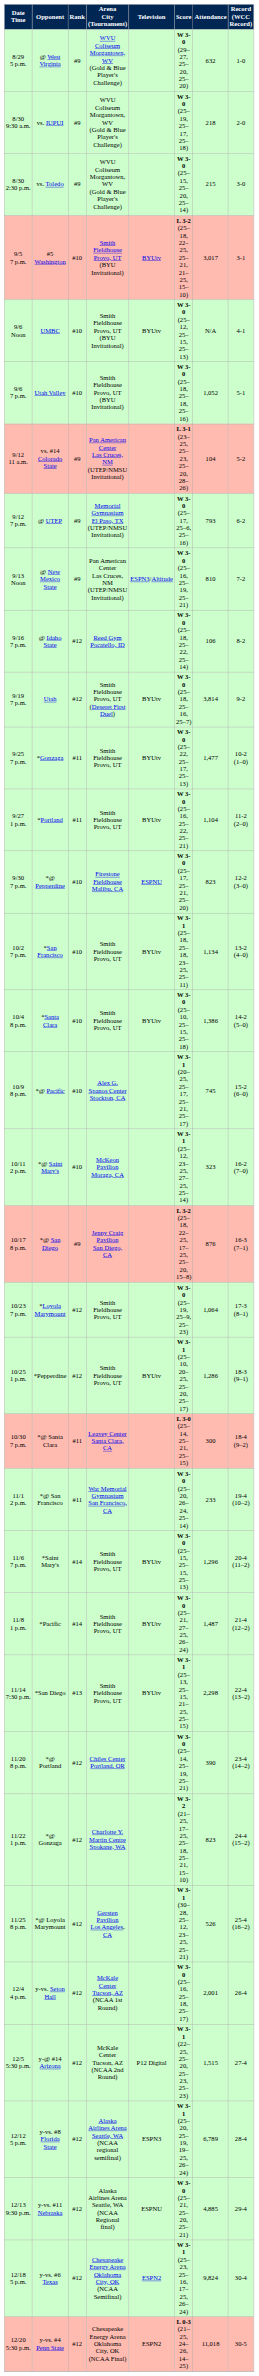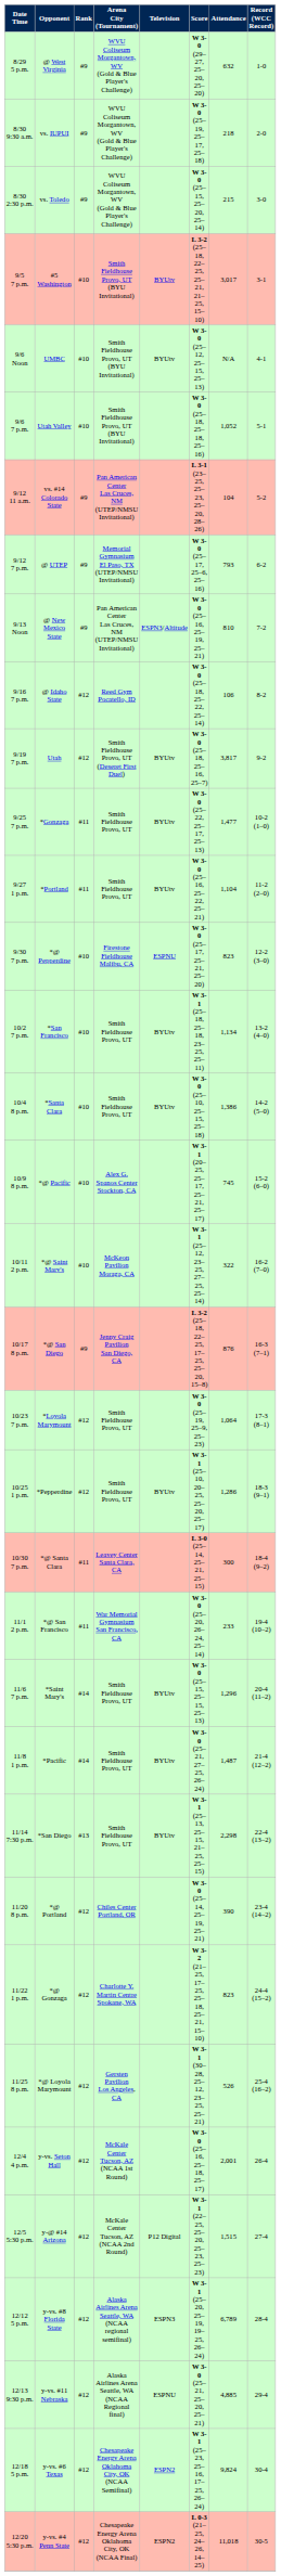 <table class="wikitable sortable" style="width:90%">
 <tr>
 <th style="background:#002654; color:#FFFFFF;" scope="col">Date<br>Time</th>
 <th style="background:#002654; color:#FFFFFF;" scope="col">Opponent</th>
 <th style="background:#002654; color:#FFFFFF;" scope="col">Rank</th>
 <th style="background:#002654; color:#FFFFFF;" scope="col">Arena<br>City<br>(Tournament)</th>
 <th style="background:#002654; color:#FFFFFF;" scope="col">Television</th>
 <th style="background:#002654; color:#FFFFFF;" scope="col">Score</th>
 <th style="background:#002654; color:#FFFFFF;" scope="col">Attendance</th>
 <th style="background:#002654; color:#FFFFFF;" scope="col">Record<br>(WCC Record)</th>
 </tr>
 <tr align="center" bgcolor="#ccffcc">
 <td>8/29<br>5 p.m.</td>
 <td>@ <a href='#'>West Virginia</a></td>
 <td>#9</td>
 <td><a href='#'>WVU Coliseum</a><br><a href='#'>Morgantown, WV</a><br>(Gold & Blue Player's Challenge)</td>
 <td></td>
 <td><strong>W 3-0</strong> <br>(29–27, 25–20, 25–20)</td>
 <td>632</td>
 <td>1-0</td>
 </tr>
 <tr align="center" bgcolor="#ccffcc">
 <td>8/30<br>9:30 a.m.</td>
 <td>vs. <a href='#'>IUPUI</a></td>
 <td>#9</td>
 <td>WVU Coliseum<br>Morgantown, WV<br>(Gold & Blue Player's Challenge)</td>
 <td></td>
 <td><strong>W 3-0</strong> <br>(25–19, 25–17, 25–18)</td>
 <td>218</td>
 <td>2-0</td>
 </tr>
 <tr align="center" bgcolor="#ccffcc">
 <td>8/30<br>2:30 p.m.</td>
 <td>vs. <a href='#'>Toledo</a></td>
 <td>#9</td>
 <td>WVU Coliseum<br>Morgantown, WV<br>(Gold & Blue Player's Challenge)</td>
 <td></td>
 <td><strong>W 3-0</strong> <br>(25–15, 25–20, 25–14)</td>
 <td>215</td>
 <td>3-0</td>
 </tr>
 <tr align="center" bgcolor="#ffbbb">
 <td>9/5<br>7 p.m.</td>
 <td>#5 <a href='#'>Washington</a></td>
 <td>#10</td>
 <td><a href='#'>Smith Fieldhouse</a><br><a href='#'>Provo, UT</a><br>(BYU Invitational)</td>
 <td><a href='#'>BYUtv</a></td>
 <td><strong>L 3-2</strong><br>(25–18, 22–25, 25–21, 21–25, 15–10)</td>
 <td>3,017</td>
 <td>3-1</td>
 </tr>
 <tr align="center" bgcolor="#ccffcc">
 <td>9/6<br>Noon</td>
 <td><a href='#'>UMBC</a></td>
 <td>#10</td>
 <td>Smith Fieldhouse<br>Provo, UT<br>(BYU Invitational)</td>
 <td>BYUtv</td>
 <td><strong>W 3-0</strong><br>(25–12, 25–15, 25–13)</td>
 <td>N/A</td>
 <td>4-1</td>
 </tr>
 <tr align="center" bgcolor="#ccffcc">
 <td>9/6<br>7 p.m.</td>
 <td><a href='#'>Utah Valley</a></td>
 <td>#10</td>
 <td>Smith Fieldhouse<br>Provo, UT<br>(BYU Invitational)</td>
 <td></td>
 <td><strong>W 3-0</strong><br>(25–18, 25–18, 25–16)</td>
 <td>1,052</td>
 <td>5-1</td>
 </tr>
 <tr align="center" bgcolor="#ffbbb">
 <td>9/12<br>11 a.m.</td>
 <td>vs. #14 <a href='#'>Colorado State</a></td>
 <td>#9</td>
 <td><a href='#'>Pan American Center</a><br><a href='#'>Las Cruces, NM</a><br>(UTEP/NMSU Invitational)</td>
 <td></td>
 <td><strong>L 3-1</strong><br>(23–25, 25–23, 25–20, 28–26)</td>
 <td>104</td>
 <td>5-2</td>
 </tr>
 <tr align="center" bgcolor="#ccffcc">
 <td>9/12<br>7 p.m.</td>
 <td>@ <a href='#'>UTEP</a></td>
 <td>#9</td>
 <td><a href='#'>Memorial Gymnasium</a><br><a href='#'>El Paso, TX</a><br>(UTEP/NMSU Invitational)</td>
 <td></td>
 <td><strong>W 3-0</strong><br>(25–17, 25–6, 25–16)</td>
 <td>793</td>
 <td>6-2</td>
 </tr>
 <tr align="center" bgcolor="#ccffcc">
 <td>9/13<br>Noon</td>
 <td>@ <a href='#'>New Mexico State</a></td>
 <td>#9</td>
 <td>Pan American Center<br>Las Cruces, NM<br>(UTEP/NMSU Invitational)</td>
 <td><a href='#'>ESPN3</a>/<a href='#'>Altitude</a></td>
 <td><strong>W 3-0</strong><br>(25–16, 25–19, 25–21)</td>
 <td>810</td>
 <td>7-2</td>
 </tr>
 <tr align="center" bgcolor="#ccffcc">
 <td>9/16<br>7 p.m.</td>
 <td>@ <a href='#'>Idaho State</a></td>
 <td>#12</td>
 <td><a href='#'>Reed Gym</a><br><a href='#'>Pocatello, ID</a></td>
 <td></td>
 <td><strong>W 3-0</strong><br>(25–18, 25–22, 25–14)</td>
 <td>106</td>
 <td>8-2</td>
 </tr>
 <tr align="center" bgcolor="#ccffcc">
 <td>9/19<br>7 p.m.</td>
 <td><a href='#'>Utah</a></td>
 <td>#12</td>
 <td>Smith Fieldhouse<br>Provo, UT<br>(<a href='#'>Deseret First Duel</a>)</td>
 <td>BYUtv</td>
 <td><strong>W 3-0</strong><br>(25–18, 25–16, 25–7)</td>
-<td>3,814</td>
+<td>3,817</td>
 <td>9-2</td>
 </tr>
 <tr align="center" bgcolor="#ccffcc">
 <td>9/25<br>7 p.m.</td>
 <td>*<a href='#'>Gonzaga</a></td>
 <td>#11</td>
 <td>Smith Fieldhouse<br>Provo, UT</td>
 <td>BYUtv</td>
 <td><strong>W 3-0</strong><br>(25–22, 25–17, 25–13)</td>
 <td>1,477</td>
 <td>10-2 <br>(1–0)</td>
 </tr>
 <tr align="center" bgcolor="#ccffcc">
 <td>9/27<br>1 p.m.</td>
 <td>*<a href='#'>Portland</a></td>
 <td>#11</td>
 <td>Smith Fieldhouse<br>Provo, UT</td>
 <td>BYUtv</td>
 <td><strong>W 3-0</strong><br>(25–16, 25–22, 25–21)</td>
 <td>1,104</td>
 <td>11-2 <br>(2–0)</td>
 </tr>
 <tr align="center" bgcolor="#ccffcc">
 <td>9/30<br>7 p.m.</td>
 <td>*@ <a href='#'>Pepperdine</a></td>
 <td>#10</td>
 <td><a href='#'>Firestone Fieldhouse</a><br><a href='#'>Malibu, CA</a></td>
 <td><a href='#'>ESPNU</a></td>
 <td><strong>W 3-0</strong><br>(25–17, 25–21, 25–20)</td>
 <td>823</td>
 <td>12-2 <br>(3–0)</td>
 </tr>
 <tr align="center" bgcolor="#ccffcc">
 <td>10/2<br>7 p.m.</td>
 <td>*<a href='#'>San Francisco</a></td>
 <td>#10</td>
 <td>Smith Fieldhouse<br>Provo, UT</td>
 <td>BYUtv</td>
 <td><strong>W 3-1</strong><br>(25–18, 25–18, 23–25, 25–11)</td>
 <td>1,134</td>
 <td>13-2 <br>(4–0)</td>
 </tr>
 <tr align="center" bgcolor="#ccffcc">
 <td>10/4<br>8 p.m.</td>
 <td>*<a href='#'>Santa Clara</a></td>
 <td>#10</td>
 <td>Smith Fieldhouse<br>Provo, UT</td>
 <td>BYUtv</td>
 <td><strong>W 3-0</strong><br>(25–10, 25–15, 25–18)</td>
 <td>1,386</td>
 <td>14-2 <br>(5–0)</td>
 </tr>
 <tr align="center" bgcolor="#ccffcc">
 <td>10/9<br>8 p.m.</td>
 <td>*@ <a href='#'>Pacific</a></td>
 <td>#10</td>
 <td><a href='#'>Alex G. Spanos Center</a><br><a href='#'>Stockton, CA</a></td>
 <td></td>
 <td><strong>W 3-1</strong><br>(20–25, 25–17, 25–21, 25–17)</td>
 <td>745</td>
 <td>15-2 <br>(6–0)</td>
 </tr>
 <tr align="center" bgcolor="#ccffcc">
 <td>10/11<br>2 p.m.</td>
 <td>*@ <a href='#'>Saint Mary's</a></td>
 <td>#10</td>
 <td><a href='#'>McKeon Pavilion</a><br><a href='#'>Moraga, CA</a></td>
 <td></td>
 <td><strong>W 3-1</strong><br>(25–12, 23–25, 27–25, 25–14)</td>
-<td>323</td>
+<td>322</td>
 <td>16-2 <br>(7–0)</td>
 </tr>
 <tr align="center" bgcolor="#ffbbb">
 <td>10/17<br>8 p.m.</td>
 <td>*@ <a href='#'>San Diego</a></td>
 <td>#9</td>
 <td><a href='#'>Jenny Craig Pavilion</a><br><a href='#'>San Diego, CA</a></td>
 <td></td>
 <td><strong>L 3-2</strong><br>(25–18, 22–25, 17–25, 25–20, 15–8)</td>
 <td>876</td>
 <td>16-3 <br>(7–1)</td>
 </tr>
 <tr align="center" bgcolor="#ccffcc">
 <td>10/23<br>7 p.m.</td>
 <td>*<a href='#'>Loyola Marymount</a></td>
 <td>#12</td>
 <td>Smith Fieldhouse<br>Provo, UT</td>
 <td></td>
 <td><strong>W 3-0</strong><br>(25–19, 25–9, 25–23)</td>
 <td>1,064</td>
 <td>17-3 <br>(8–1)</td>
 </tr>
 <tr align="center" bgcolor="#ccffcc">
 <td>10/25<br>1 p.m.</td>
 <td>*Pepperdine</td>
 <td>#12</td>
 <td>Smith Fieldhouse<br>Provo, UT</td>
 <td>BYUtv</td>
 <td><strong>W 3-1</strong><br> (25–10, 20–25, 25–20, 25–17)</td>
 <td>1,286</td>
 <td>18-3<br>(9–1)</td>
 </tr>
 <tr align="center" bgcolor="#ffbbb">
 <td>10/30<br>7 p.m.</td>
 <td>*@ Santa Clara</td>
 <td>#11</td>
 <td><a href='#'>Leavey Center</a><br><a href='#'>Santa Clara, CA</a></td>
 <td></td>
 <td><strong>L 3-0</strong><br>(25–14, 25–21, 25–15)</td>
 <td>300</td>
 <td>18-4<br>(9–2)</td>
 </tr>
 <tr align="center" bgcolor="#ccffcc">
 <td>11/1<br>2 p.m.</td>
 <td>*@ San Francisco</td>
 <td>#11</td>
 <td><a href='#'>War Memorial Gymnasium</a><br><a href='#'>San Francisco, CA</a></td>
 <td></td>
 <td><strong>W 3-0</strong><br>(25–20, 26–24, 25–14)</td>
 <td>233</td>
 <td>19-4<br>(10–2)</td>
 </tr>
 <tr align="center" bgcolor="#ccffcc">
 <td>11/6<br>7 p.m.</td>
 <td>*Saint Mary's</td>
 <td>#14</td>
 <td>Smith Fieldhouse<br>Provo, UT</td>
 <td>BYUtv</td>
 <td><strong>W 3-0</strong><br>(25–15, 25–15, 25–13)</td>
 <td>1,296</td>
 <td>20-4<br>(11–2)</td>
 </tr>
 <tr align="center" bgcolor="#ccffcc">
 <td>11/8<br>1 p.m.</td>
 <td>*Pacific</td>
 <td>#14</td>
 <td>Smith Fieldhouse<br>Provo, UT</td>
 <td>BYUtv</td>
 <td><strong>W 3-0</strong><br>(25–21, 27–25, 26–24)</td>
 <td>1,487</td>
 <td>21-4<br>(12–2)</td>
 </tr>
 <tr align="center" bgcolor="#ccffcc">
 <td>11/14<br>7:30 p.m.</td>
 <td>*San Diego</td>
 <td>#13</td>
 <td>Smith Fieldhouse<br>Provo, UT</td>
 <td>BYUtv</td>
 <td><strong>W 3-1</strong><br>(25–13, 25–15, 21–25, 25–15)</td>
 <td>2,298</td>
 <td>22-4<br>(13–2)</td>
 </tr>
 <tr align="center" bgcolor="#ccffcc">
 <td>11/20<br>8 p.m.</td>
 <td>*@ Portland</td>
 <td>#12</td>
 <td><a href='#'>Chiles Center</a><br><a href='#'>Portland, OR</a></td>
 <td></td>
 <td><strong>W 3-0</strong><br>(25–14, 25–19, 25–21)</td>
 <td>390</td>
 <td>23-4<br>(14–2)</td>
 </tr>
 <tr align="center" bgcolor="#ccffcc">
 <td>11/22<br>1 p.m.</td>
 <td>*@ Gonzaga</td>
 <td>#12</td>
 <td><a href='#'>Charlotte Y. Martin Centre</a><br><a href='#'>Spokane, WA</a></td>
 <td></td>
 <td><strong>W 3-2</strong><br>(21–25, 17–25, 25–18, 25–21, 15–10)</td>
 <td>823</td>
 <td>24-4<br>(15–2)</td>
 </tr>
 <tr align="center" bgcolor="#ccffcc">
 <td>11/25<br>8 p.m.</td>
 <td>*@ Loyola Marymount</td>
 <td>#12</td>
 <td><a href='#'>Gersten Pavilion</a><br><a href='#'>Los Angeles</a>, <a href='#'>CA</a></td>
 <td></td>
 <td><strong>W 3-1</strong><br>(30–28, 25–12, 23–25, 25–21)</td>
 <td>526</td>
 <td>25-4<br>(16–2)</td>
 </tr>
 <tr align="center" bgcolor="#ccffcc">
 <td>12/4<br>4 p.m.</td>
 <td>y-vs. <a href='#'>Seton Hall</a></td>
 <td>#12</td>
 <td><a href='#'>McKale Center</a><br><a href='#'>Tucson, AZ</a><br>(NCAA 1st Round)</td>
 <td></td>
 <td><strong>W 3-0</strong><br>(25–16, 25–18, 25–17)</td>
 <td>2,001</td>
 <td>26-4</td>
 </tr>
 <tr align="center" bgcolor="#ccffcc">
 <td>12/5<br>5:30 p.m.</td>
 <td>y-@ #14 <a href='#'>Arizona</a></td>
 <td>#12</td>
 <td>McKale Center<br>Tucson, AZ<br>(NCAA 2nd Round)</td>
 <td>P12 Digital</td>
 <td><strong>W 3-1</strong><br>(22–25, 25–20, 25–23, 25–23)</td>
 <td>1,515</td>
 <td>27-4</td>
 </tr>
 <tr align="center" bgcolor="#ccffcc">
 <td>12/12<br>5 p.m.</td>
 <td>y-vs. #8 <a href='#'>Florida State</a></td>
 <td>#12</td>
 <td><a href='#'>Alaska Airlines Arena</a><br><a href='#'>Seattle, WA</a><br>(NCAA regional semifinal)</td>
 <td>ESPN3</td>
 <td><strong>W 3-1</strong><br>(25–20, 25–19, 19–25, 26–24)</td>
 <td>6,789</td>
 <td>28-4</td>
 </tr>
 <tr align="center" bgcolor="#ccffcc">
 <td>12/13<br>9:30 p.m.</td>
 <td>y-vs. #11 <a href='#'>Nebraska</a></td>
 <td>#12</td>
 <td>Alaska Airlines Arena<br>Seattle, WA<br>(NCAA Regional final)</td>
 <td>ESPNU</td>
 <td><strong>W 3-0</strong><br>(25–21, 25–20, 25–21)</td>
 <td>4,885</td>
 <td>29-4</td>
 </tr>
 <tr align="center" bgcolor="#ccffcc">
 <td>12/18<br>5 p.m.</td>
 <td>y-vs. #6 <a href='#'>Texas</a></td>
 <td>#12</td>
 <td><a href='#'>Chesapeake Energy Arena</a><br><a href='#'>Oklahoma City, OK</a><br>(NCAA Semifinal)</td>
 <td><a href='#'>ESPN2</a></td>
 <td><strong>W 3-1</strong><br>(25–23, 25–16, 17–25, 26–24)</td>
 <td>9,824</td>
 <td>30-4</td>
 </tr>
 <tr align="center" bgcolor="#ffbbb">
 <td>12/20<br>5:30 p.m.</td>
 <td>y-vs. #4 <a href='#'>Penn State</a></td>
 <td>#12</td>
 <td>Chesapeake Energy Arena<br>Oklahoma City, OK<br>(NCAA Final)</td>
 <td>ESPN2</td>
 <td><strong>L 0-3</strong><br>(21–25, 24–26, 14–25)</td>
 <td>11,018</td>
 <td>30-5</td>
 </tr>
 <tr>
 </tr>
 </table>
